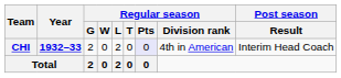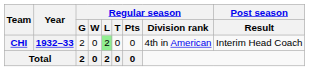 <table class="wikitable" style="font-size: 95%; text-align:center;">
 <tr>
 <th rowspan="2">Team</th>
 <th rowspan="2">Year</th>
 <th colspan="6"><a href='#'>Regular season</a></th>
 <th colspan="1"><a href='#'>Post season</a></th>
 </tr>
 <tr>
 <th>G</th>
 <th>W</th>
 <th>L</th>
 <th>T</th>
 <th>Pts</th>
 <th>Division rank</th>
 <th>Result</th>
 </tr>
 <tr>
 <th><a href='#'>CHI</a></th>
 <th><a href='#'>1932–33</a></th>
 <td>2</td>
 <td>0</td>
-<td>2</td>
+<td style="background: lightgreen;">2</td>
 <td>0</td>
-<td style="background: lavender;">0</td>
+<td>0</td>
 <td>4th in <a href='#'>American</a></td>
 <td>Interim Head Coach</td>
 </tr>
 <tr>
 <th colspan="2">Total</th>
 <th>2</th>
 <th>0</th>
 <th>2</th>
 <th>0</th>
 <th>0</th>
 </tr>
 </table>
